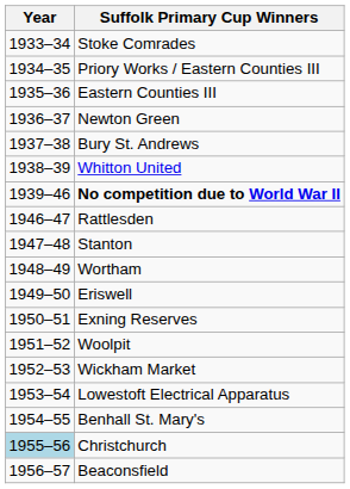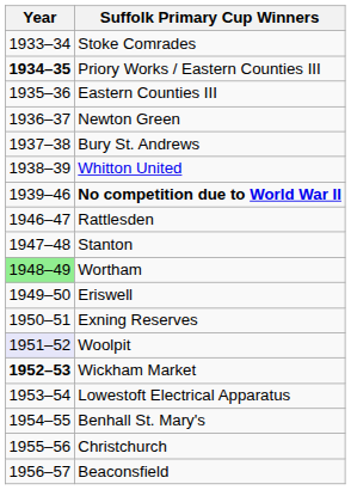 <table class="wikitable" style="float:left; margin-right:1em">
 <tr>
 <th>Year</th>
 <th>Suffolk Primary Cup Winners</th>
 </tr>
 <tr>
 <td>1933–34</td>
 <td>Stoke Comrades</td>
 </tr>
 <tr>
-<td>1934–35</td>
+<td><strong>1934–35</strong></td>
 <td>Priory Works / Eastern Counties III</td>
 </tr>
 <tr>
 <td>1935–36</td>
 <td>Eastern Counties III</td>
 </tr>
 <tr>
 <td>1936–37</td>
 <td>Newton Green</td>
 </tr>
 <tr>
 <td>1937–38</td>
 <td>Bury St. Andrews</td>
 </tr>
 <tr>
 <td>1938–39</td>
 <td><a href='#'>Whitton United</a></td>
 </tr>
 <tr>
 <td>1939–46</td>
 <td><strong>No competition due to <a href='#'>World War II</a></strong></td>
 </tr>
 <tr>
 <td>1946–47</td>
 <td>Rattlesden</td>
 </tr>
 <tr>
 <td>1947–48</td>
 <td>Stanton</td>
 </tr>
 <tr>
-<td>1948–49</td>
+<td style="background: lightgreen;">1948–49</td>
 <td>Wortham</td>
 </tr>
 <tr>
 <td>1949–50</td>
 <td>Eriswell</td>
 </tr>
 <tr>
 <td>1950–51</td>
 <td>Exning Reserves</td>
 </tr>
 <tr>
-<td>1951–52</td>
+<td style="background: lavender;">1951–52</td>
 <td>Woolpit</td>
 </tr>
 <tr>
-<td>1952–53</td>
+<td><strong>1952–53</strong></td>
 <td>Wickham Market</td>
 </tr>
 <tr>
 <td>1953–54</td>
 <td>Lowestoft Electrical Apparatus</td>
 </tr>
 <tr>
 <td>1954–55</td>
 <td>Benhall St. Mary's</td>
 </tr>
 <tr>
-<td style="background: lightblue;">1955–56</td>
+<td>1955–56</td>
 <td>Christchurch</td>
 </tr>
 <tr>
 <td>1956–57</td>
 <td>Beaconsfield</td>
 </tr>
 </table>
